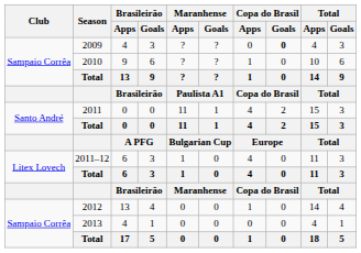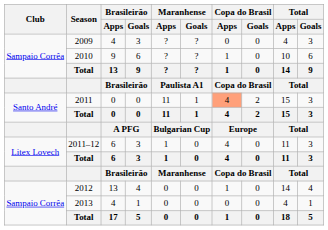 <table class="wikitable" style="font-size:90%; text-align: center">
 <tr>
 <th rowspan=2>Club</th>
 <th rowspan=2>Season</th>
 <th colspan=2>Brasileirão</th>
 <th colspan=2>Maranhense</th>
 <th colspan=2>Copa do Brasil</th>
 <th colspan=2>Total</th>
 </tr>
 <tr>
 <th>Apps</th>
 <th>Goals</th>
 <th>Apps</th>
 <th>Goals</th>
 <th>Apps</th>
 <th>Goals</th>
 <th>Apps</th>
 <th>Goals</th>
 </tr>
 <tr>
 <td rowspan=3><a href='#'>Sampaio Corrêa</a></td>
 <td>2009</td>
 <td>4</td>
 <td>3</td>
 <td>?</td>
 <td>?</td>
 <td>0</td>
-<td><strong>0</strong></td>
+<td>0</td>
 <td>4</td>
 <td>3</td>
 </tr>
 <tr>
 <td>2010</td>
 <td>9</td>
 <td>6</td>
 <td>?</td>
 <td>?</td>
 <td>1</td>
 <td>0</td>
 <td>10</td>
 <td>6</td>
 </tr>
 <tr>
 <th colspan=1>Total</th>
 <th>13</th>
 <th>9</th>
 <th>?</th>
 <th>?</th>
 <th>1</th>
 <th>0</th>
 <th>14</th>
 <th>9</th>
 </tr>
 <tr>
 <th rowspan=1></th>
 <th rowspan=1></th>
 <th colspan=2>Brasileirão</th>
 <th colspan=2>Paulista A1</th>
 <th colspan=2>Copa do Brasil</th>
 <th colspan=2>Total</th>
 </tr>
 <tr>
 <td rowspan=2><a href='#'>Santo André</a></td>
 <td>2011</td>
 <td>0</td>
 <td>0</td>
 <td>11</td>
 <td>1</td>
-<td>4</td>
+<td style="background: lightsalmon;">4</td>
 <td>2</td>
 <td>15</td>
 <td>3</td>
 </tr>
 <tr>
 <th colspan=1>Total</th>
 <th>0</th>
 <th>0</th>
 <th>11</th>
 <th>1</th>
 <th>4</th>
 <th>2</th>
 <th>15</th>
 <th>3</th>
 </tr>
 <tr>
 <th rowspan=1></th>
 <th rowspan=1></th>
 <th colspan=2>A PFG</th>
 <th colspan=2>Bulgarian Cup</th>
 <th colspan=2>Europe</th>
 <th colspan=2>Total</th>
 </tr>
 <tr>
 <td rowspan=2><a href='#'>Litex Lovech</a></td>
 <td>2011–12</td>
 <td>6</td>
 <td>3</td>
 <td>1</td>
 <td>0</td>
 <td>4</td>
 <td>0</td>
 <td>11</td>
 <td>3</td>
 </tr>
 <tr>
 <th colspan=1>Total</th>
 <th>6</th>
 <th>3</th>
 <th>1</th>
 <th>0</th>
 <th>4</th>
 <th>0</th>
 <th>11</th>
 <th>3</th>
 </tr>
 <tr>
 <th rowspan=1></th>
 <th rowspan=1></th>
 <th colspan=2>Brasileirão</th>
 <th colspan=2>Maranhense</th>
 <th colspan=2>Copa do Brasil</th>
 <th colspan=2>Total</th>
 </tr>
 <tr>
 <td rowspan=3><a href='#'>Sampaio Corrêa</a></td>
 <td>2012</td>
 <td>13</td>
 <td>4</td>
 <td>0</td>
 <td>0</td>
 <td>1</td>
 <td>0</td>
 <td>14</td>
 <td>4</td>
 </tr>
 <tr>
 <td>2013</td>
 <td>4</td>
 <td>1</td>
 <td>0</td>
 <td>0</td>
 <td>0</td>
 <td>0</td>
 <td>4</td>
 <td>1</td>
 </tr>
 <tr>
 <th colspan=1>Total</th>
 <th>17</th>
 <th>5</th>
 <th>0</th>
 <th>0</th>
 <th>1</th>
 <th>0</th>
 <th>18</th>
 <th>5</th>
 </tr>
 </table>
